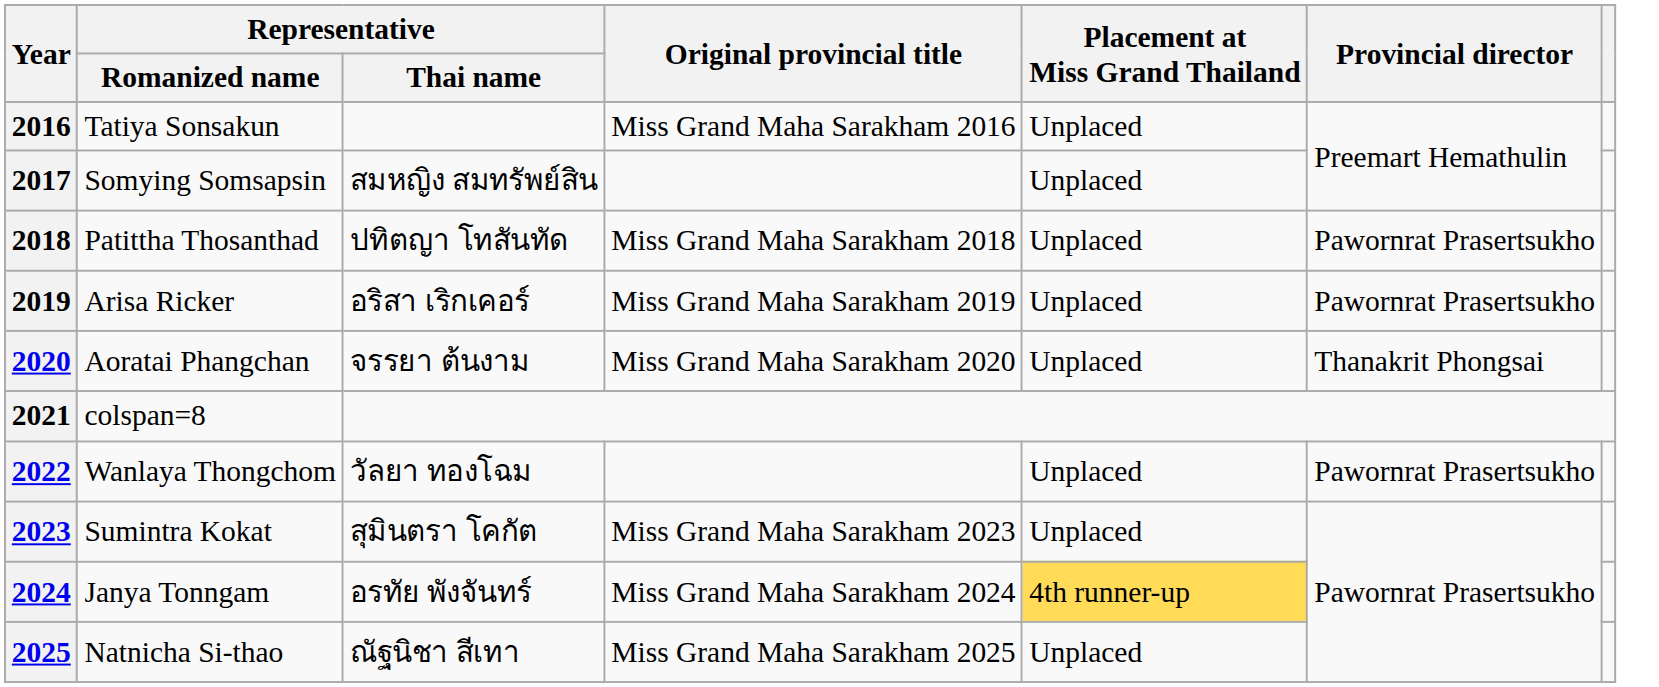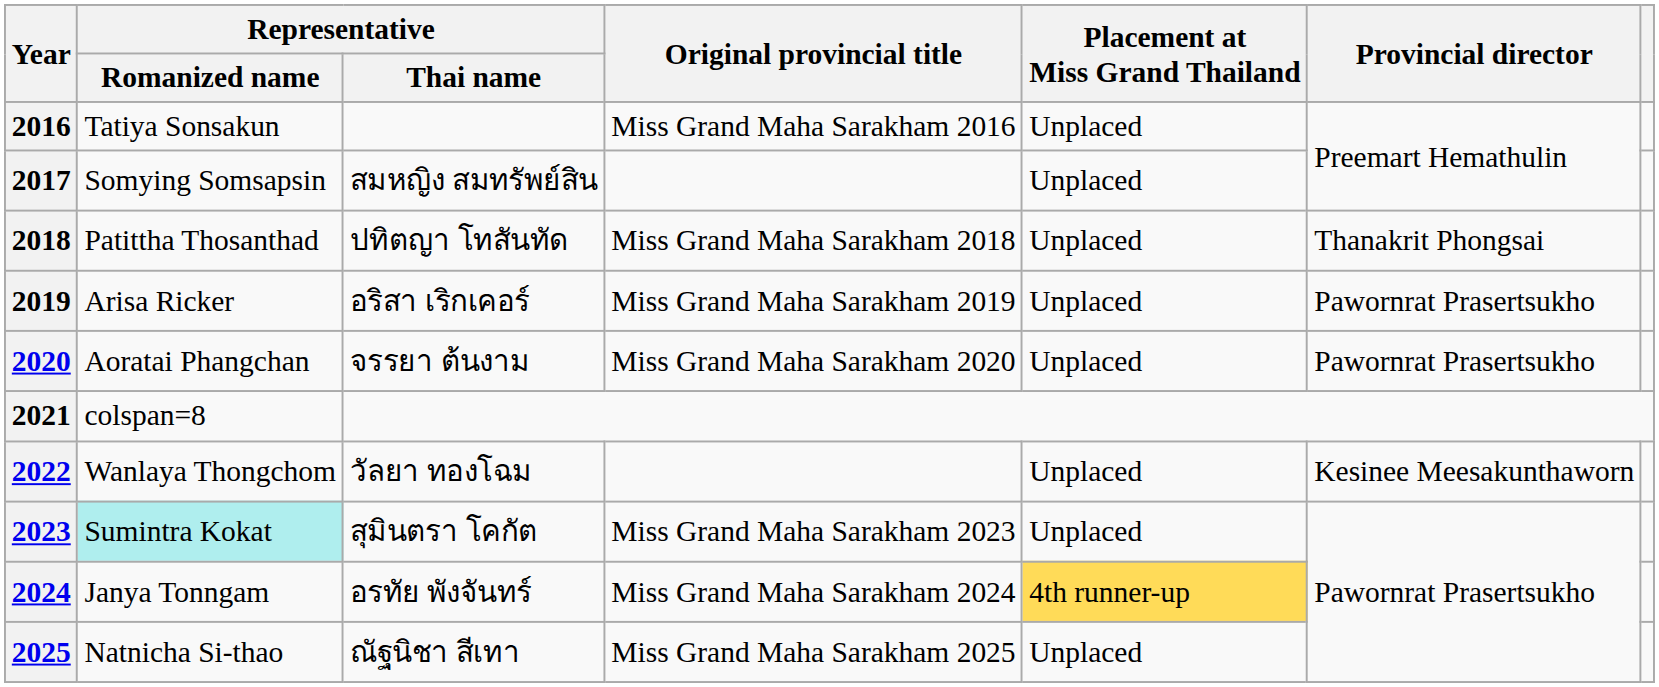 <table class="wikitable defaultcenter col2left col3left col6left" style="font-size:95%;">
 <tr>
 <th rowspan=2>Year</th>
 <th colspan=2>Representative</th>
 <th rowspan=2>Original provincial title</th>
 <th rowspan=2>Placement at<br>Miss Grand Thailand</th>
 <th rowspan=2>Provincial director</th>
 <th rowspan=2></th>
 </tr>
 <tr>
 <th>Romanized name</th>
 <th>Thai name</th>
 </tr>
 <tr>
 <th>2016</th>
 <td>Tatiya Sonsakun</td>
 <td></td>
 <td>Miss Grand Maha Sarakham 2016</td>
 <td>Unplaced</td>
 <td rowspan=2>Preemart Hemathulin</td>
 <td></td>
 </tr>
 <tr>
 <th>2017</th>
 <td>Somying Somsapsin</td>
 <td>สมหญิง สมทรัพย์สิน</td>
 <td></td>
 <td>Unplaced</td>
 <td></td>
 </tr>
 <tr>
 <th>2018</th>
 <td>Patittha Thosanthad</td>
 <td>ปทิตญา โทสันทัด</td>
 <td>Miss Grand Maha Sarakham 2018</td>
 <td>Unplaced</td>
-<td>Pawornrat Prasertsukho</td>
+<td>Thanakrit Phongsai</td>
 <td></td>
 </tr>
 <tr>
 <th>2019</th>
 <td>Arisa Ricker</td>
 <td>อริสา เริกเคอร์</td>
 <td>Miss Grand Maha Sarakham 2019</td>
 <td>Unplaced</td>
 <td>Pawornrat Prasertsukho</td>
 <td></td>
 </tr>
 <tr>
 <th><a href='#'>2020</a></th>
 <td>Aoratai Phangchan</td>
 <td>จรรยา ต้นงาม</td>
 <td>Miss Grand Maha Sarakham 2020</td>
 <td>Unplaced</td>
-<td>Thanakrit Phongsai</td>
+<td>Pawornrat Prasertsukho</td>
 <td></td>
 </tr>
 <tr>
 <th>2021</th>
 <td>colspan=8 </td>
 </tr>
 <tr>
 <th><a href='#'>2022</a></th>
 <td>Wanlaya Thongchom</td>
 <td>วัลยา ทองโฉม</td>
 <td></td>
 <td>Unplaced</td>
-<td>Pawornrat Prasertsukho</td>
+<td>Kesinee Meesakunthaworn</td>
 <td></td>
 </tr>
 <tr>
 <th><a href='#'>2023</a></th>
-<td>Sumintra Kokat</td>
+<td style="background: paleturquoise;">Sumintra Kokat</td>
 <td>สุมินตรา โคกัต</td>
 <td>Miss Grand Maha Sarakham 2023</td>
 <td>Unplaced</td>
 <td rowspan=3>Pawornrat Prasertsukho</td>
 <td></td>
 </tr>
 <tr>
 <th><a href='#'>2024</a></th>
 <td>Janya Tonngam</td>
 <td>อรทัย พังจันทร์</td>
 <td>Miss Grand Maha Sarakham 2024</td>
 <td bgcolor=#FFDB58>4th runner-up</td>
 <td></td>
 </tr>
 <tr>
 <th><a href='#'>2025</a></th>
 <td>Natnicha Si-thao</td>
 <td>ณัฐนิชา สีเทา</td>
 <td>Miss Grand Maha Sarakham 2025</td>
 <td>Unplaced</td>
 <td></td>
 </tr>
 </table>
